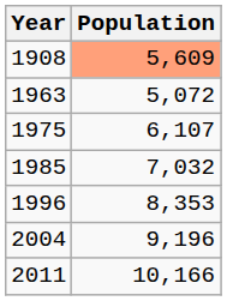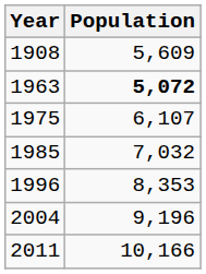 <table class="wikitable" style="line-height:1.1em;">
 <tr>
 <th>Year</th>
 <th>Population</th>
 </tr>
 <tr align="right">
 <td>1908</td>
-<td style="background: lightsalmon;">5,609</td>
+<td>5,609</td>
 </tr>
 <tr align="right">
 <td>1963</td>
-<td>5,072</td>
+<td><strong>5,072</strong></td>
 </tr>
 <tr align="right">
 <td>1975</td>
 <td>6,107</td>
 </tr>
 <tr align="right">
 <td>1985</td>
 <td>7,032</td>
 </tr>
 <tr align="right">
 <td>1996</td>
 <td>8,353</td>
 </tr>
 <tr align="right">
 <td>2004</td>
 <td>9,196</td>
 </tr>
 <tr align="right">
 <td>2011</td>
 <td>10,166</td>
 </tr>
 </table>
